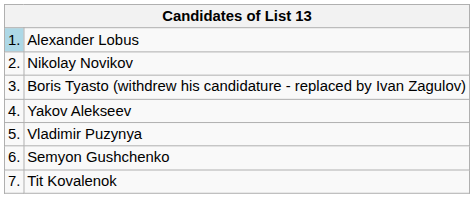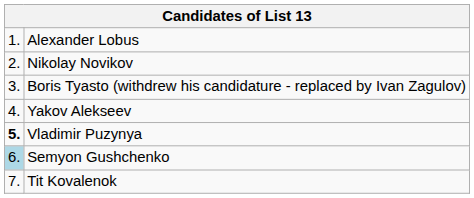 <table class=wikitable>
 <tr>
 <th colspan=3>Candidates of List 13</th>
 </tr>
 <tr>
-<td style="background: lightblue;">1.</td>
+<td>1.</td>
 <td>Alexander Lobus</td>
 </tr>
 <tr>
 <td>2.</td>
 <td>Nikolay Novikov</td>
 </tr>
 <tr>
 <td>3.</td>
 <td>Boris Tyasto (withdrew his candidature - replaced by Ivan Zagulov)</td>
 </tr>
 <tr>
 <td>4.</td>
 <td>Yakov Alekseev</td>
 </tr>
 <tr>
-<td>5.</td>
+<td><strong>5.</strong></td>
 <td>Vladimir Puzynya</td>
 </tr>
 <tr>
-<td>6.</td>
+<td style="background: lightblue;">6.</td>
 <td>Semyon Gushchenko</td>
 </tr>
 <tr>
 <td>7.</td>
 <td>Tit Kovalenok</td>
 </tr>
 </table>
